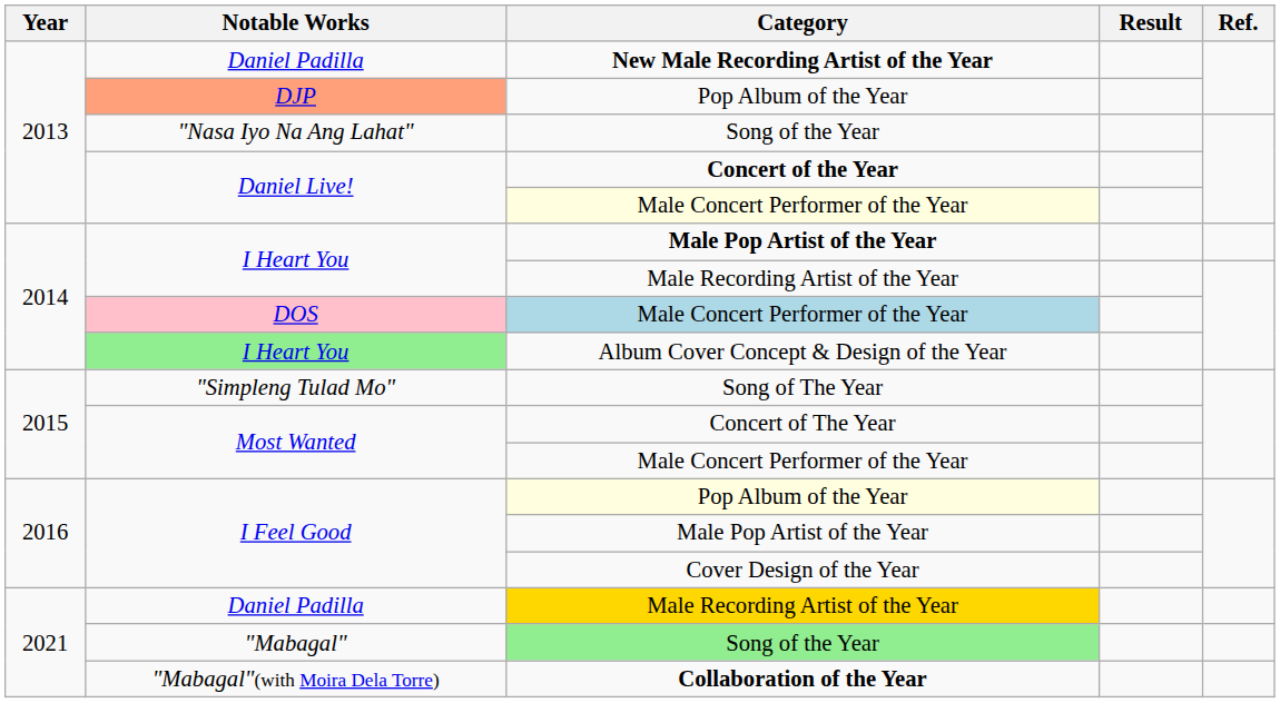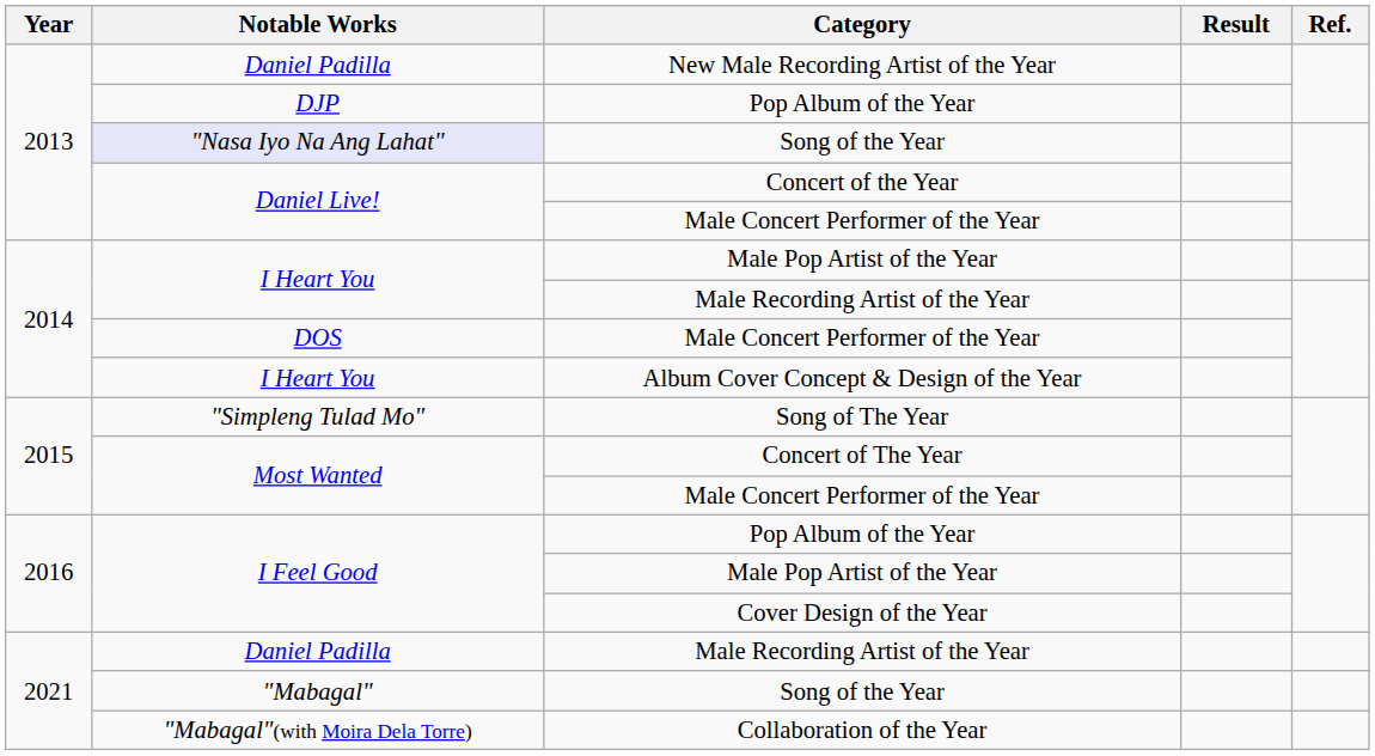 <table class="wikitable" style="text-align:center" width=70%>
 <tr>
 <th>Year</th>
 <th>Notable Works</th>
 <th>Category</th>
 <th>Result</th>
 <th>Ref.</th>
 </tr>
 <tr>
 <td rowspan=5>2013</td>
 <td><em><a href='#'>Daniel Padilla</a></em></td>
-<td><strong>New Male Recording Artist of the Year</strong></td>
+<td>New Male Recording Artist of the Year</td>
 <td></td>
 <td rowspan=2></td>
 </tr>
 <tr>
-<td style="background: lightsalmon;"><em><a href='#'>DJP</a></em></td>
+<td><em><a href='#'>DJP</a></em></td>
 <td>Pop Album of the Year</td>
 <td></td>
 </tr>
 <tr>
-<td><em>"Nasa Iyo Na Ang Lahat"</em></td>
+<td style="background: lavender;"><em>"Nasa Iyo Na Ang Lahat"</em></td>
 <td>Song of the Year</td>
 <td></td>
 <td rowspan=3></td>
 </tr>
 <tr>
 <td rowspan=2><em><a href='#'>Daniel Live!</a></em></td>
-<td><strong>Concert of the Year</strong></td>
+<td>Concert of the Year</td>
 <td></td>
 </tr>
 <tr>
-<td style="background: lightyellow;">Male Concert Performer of the Year</td>
+<td>Male Concert Performer of the Year</td>
 <td></td>
 </tr>
 <tr>
 <td rowspan=4>2014</td>
 <td rowspan=2><em><a href='#'>I Heart You</a></em></td>
-<td><strong>Male Pop Artist of the Year</strong></td>
+<td>Male Pop Artist of the Year</td>
 <td></td>
 <td></td>
 </tr>
 <tr>
 <td>Male Recording Artist of the Year</td>
 <td></td>
 <td rowspan=3></td>
 </tr>
 <tr>
-<td style="background: pink;"><em><a href='#'>DOS</a></em></td>
-<td style="background: lightblue;">Male Concert Performer of the Year</td>
+<td><em><a href='#'>DOS</a></em></td>
+<td>Male Concert Performer of the Year</td>
 <td></td>
 </tr>
 <tr>
-<td style="background: lightgreen;"><em><a href='#'>I Heart You</a></em></td>
+<td><em><a href='#'>I Heart You</a></em></td>
 <td>Album Cover Concept & Design of the Year</td>
 <td></td>
 </tr>
 <tr>
 <td rowspan=3>2015</td>
 <td><em>"Simpleng Tulad Mo"</em></td>
 <td>Song of The Year</td>
 <td></td>
 <td rowspan=3></td>
 </tr>
 <tr>
 <td rowspan=2><em><a href='#'>Most Wanted</a></em></td>
 <td>Concert of The Year</td>
 <td></td>
 </tr>
 <tr>
 <td>Male Concert Performer of the Year</td>
 <td></td>
 </tr>
 <tr>
 <td rowspan=3>2016</td>
 <td rowspan=3><em><a href='#'>I Feel Good</a></em></td>
-<td style="background: lightyellow;">Pop Album of the Year</td>
+<td>Pop Album of the Year</td>
 <td></td>
 <td rowspan=3></td>
 </tr>
 <tr>
 <td>Male Pop Artist of the Year</td>
 <td></td>
 </tr>
 <tr>
 <td>Cover Design of the Year</td>
 <td></td>
 </tr>
 <tr>
 <td rowspan=3>2021</td>
 <td><em><a href='#'>Daniel Padilla</a></em></td>
-<td style="background: gold;">Male Recording Artist of the Year</td>
+<td>Male Recording Artist of the Year</td>
 <td></td>
 <td></td>
 </tr>
 <tr>
 <td><em>"Mabagal"</em></td>
-<td style="background: lightgreen;">Song of the Year</td>
+<td>Song of the Year</td>
 <td></td>
 <td></td>
 </tr>
 <tr>
 <td><em>"Mabagal"</em><small>(with <a href='#'>Moira Dela Torre</a>)</small></td>
-<td><strong>Collaboration of the Year</strong></td>
+<td>Collaboration of the Year</td>
 <td></td>
 <td></td>
 </tr>
 </table>
